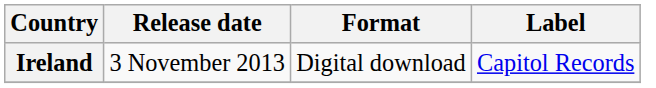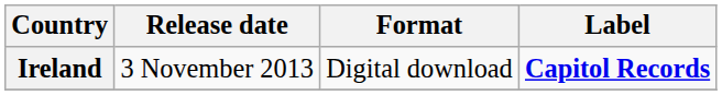 <table class="wikitable plainrowheaders">
 <tr>
 <th scope="col">Country</th>
 <th scope="col">Release date</th>
 <th scope="col">Format</th>
 <th scope="col">Label</th>
 </tr>
 <tr>
 <th scope="row">Ireland</th>
 <td>3 November 2013</td>
 <td>Digital download</td>
-<td><a href='#'>Capitol Records</a></td>
+<td><strong><a href='#'>Capitol Records</a></strong></td>
 </tr>
 <tr>
 </tr>
 </table>
